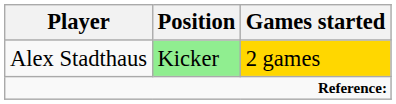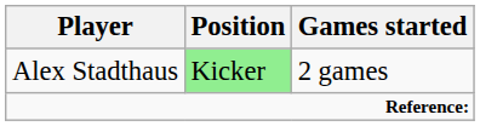 <table class="wikitable">
 <tr>
 <th style="text-align:center; ">Player</th>
 <th style="text-align:center; ">Position</th>
 <th style="text-align:center; ">Games started</th>
 </tr>
 <tr>
 <td>Alex Stadthaus</td>
 <td style="background: lightgreen;">Kicker</td>
-<td style="background: gold;">2 games</td>
+<td>2 games</td>
 </tr>
 <tr>
 <td colspan="4"  style="font-size:8pt; text-align:right;"><strong>Reference:</strong></td>
 </tr>
 </table>
